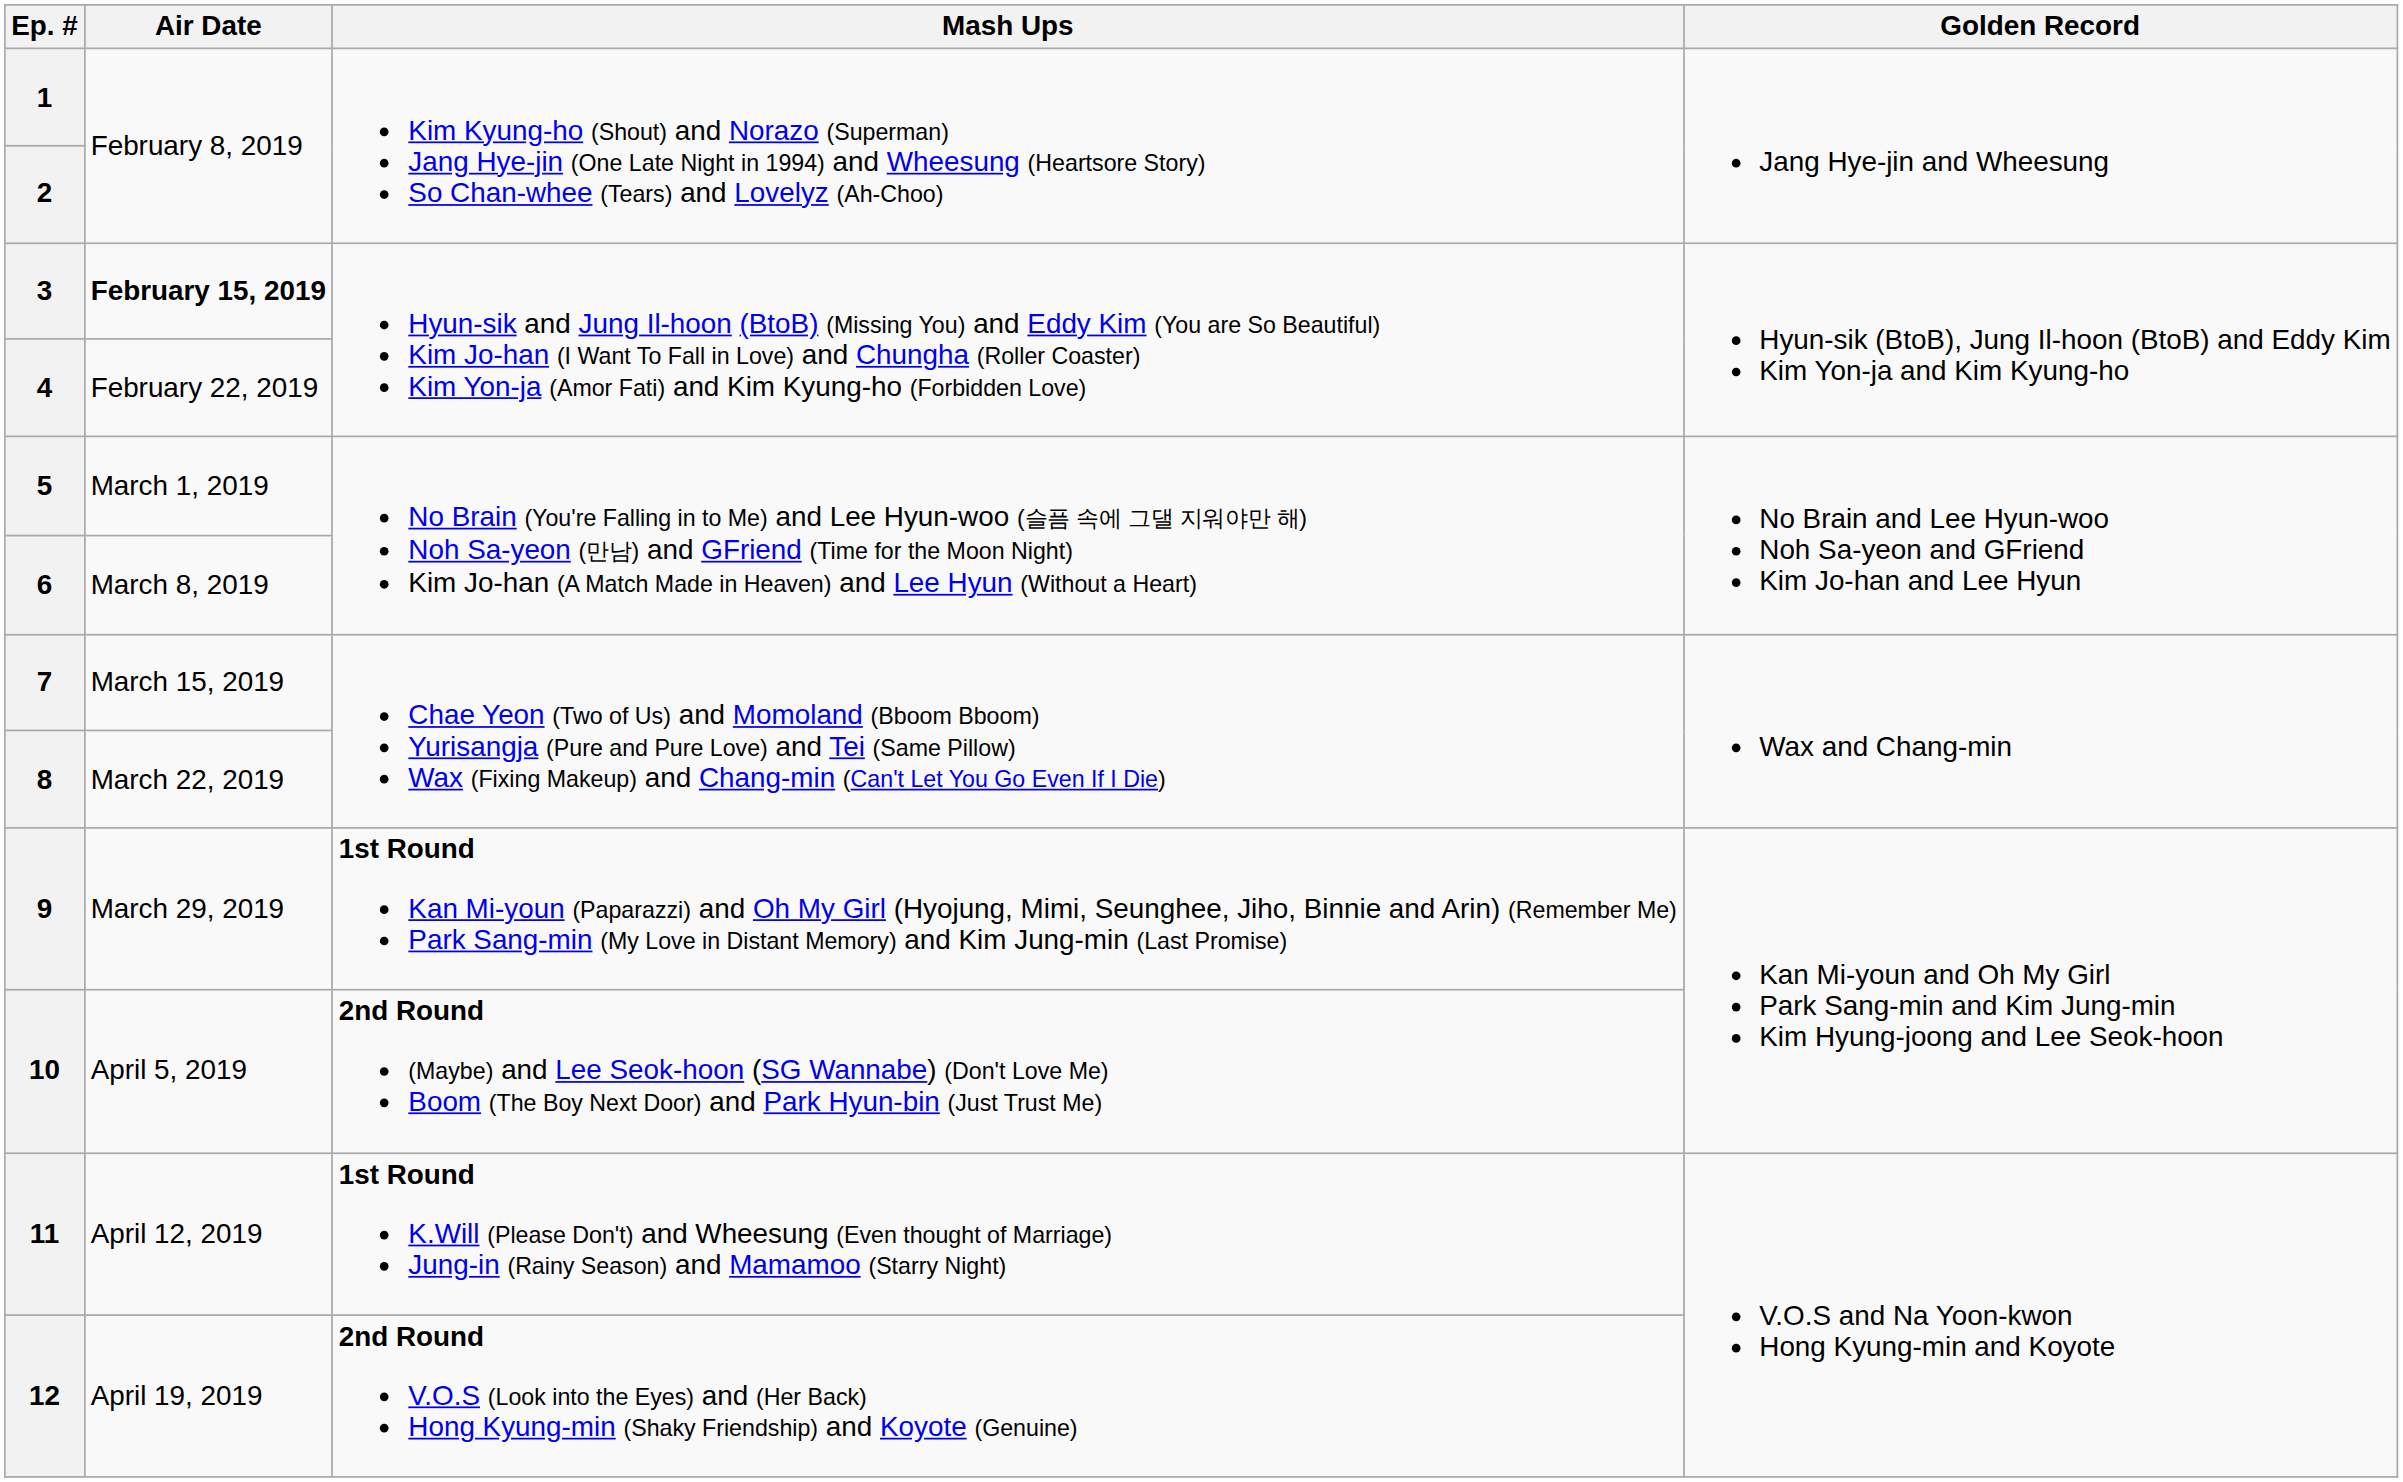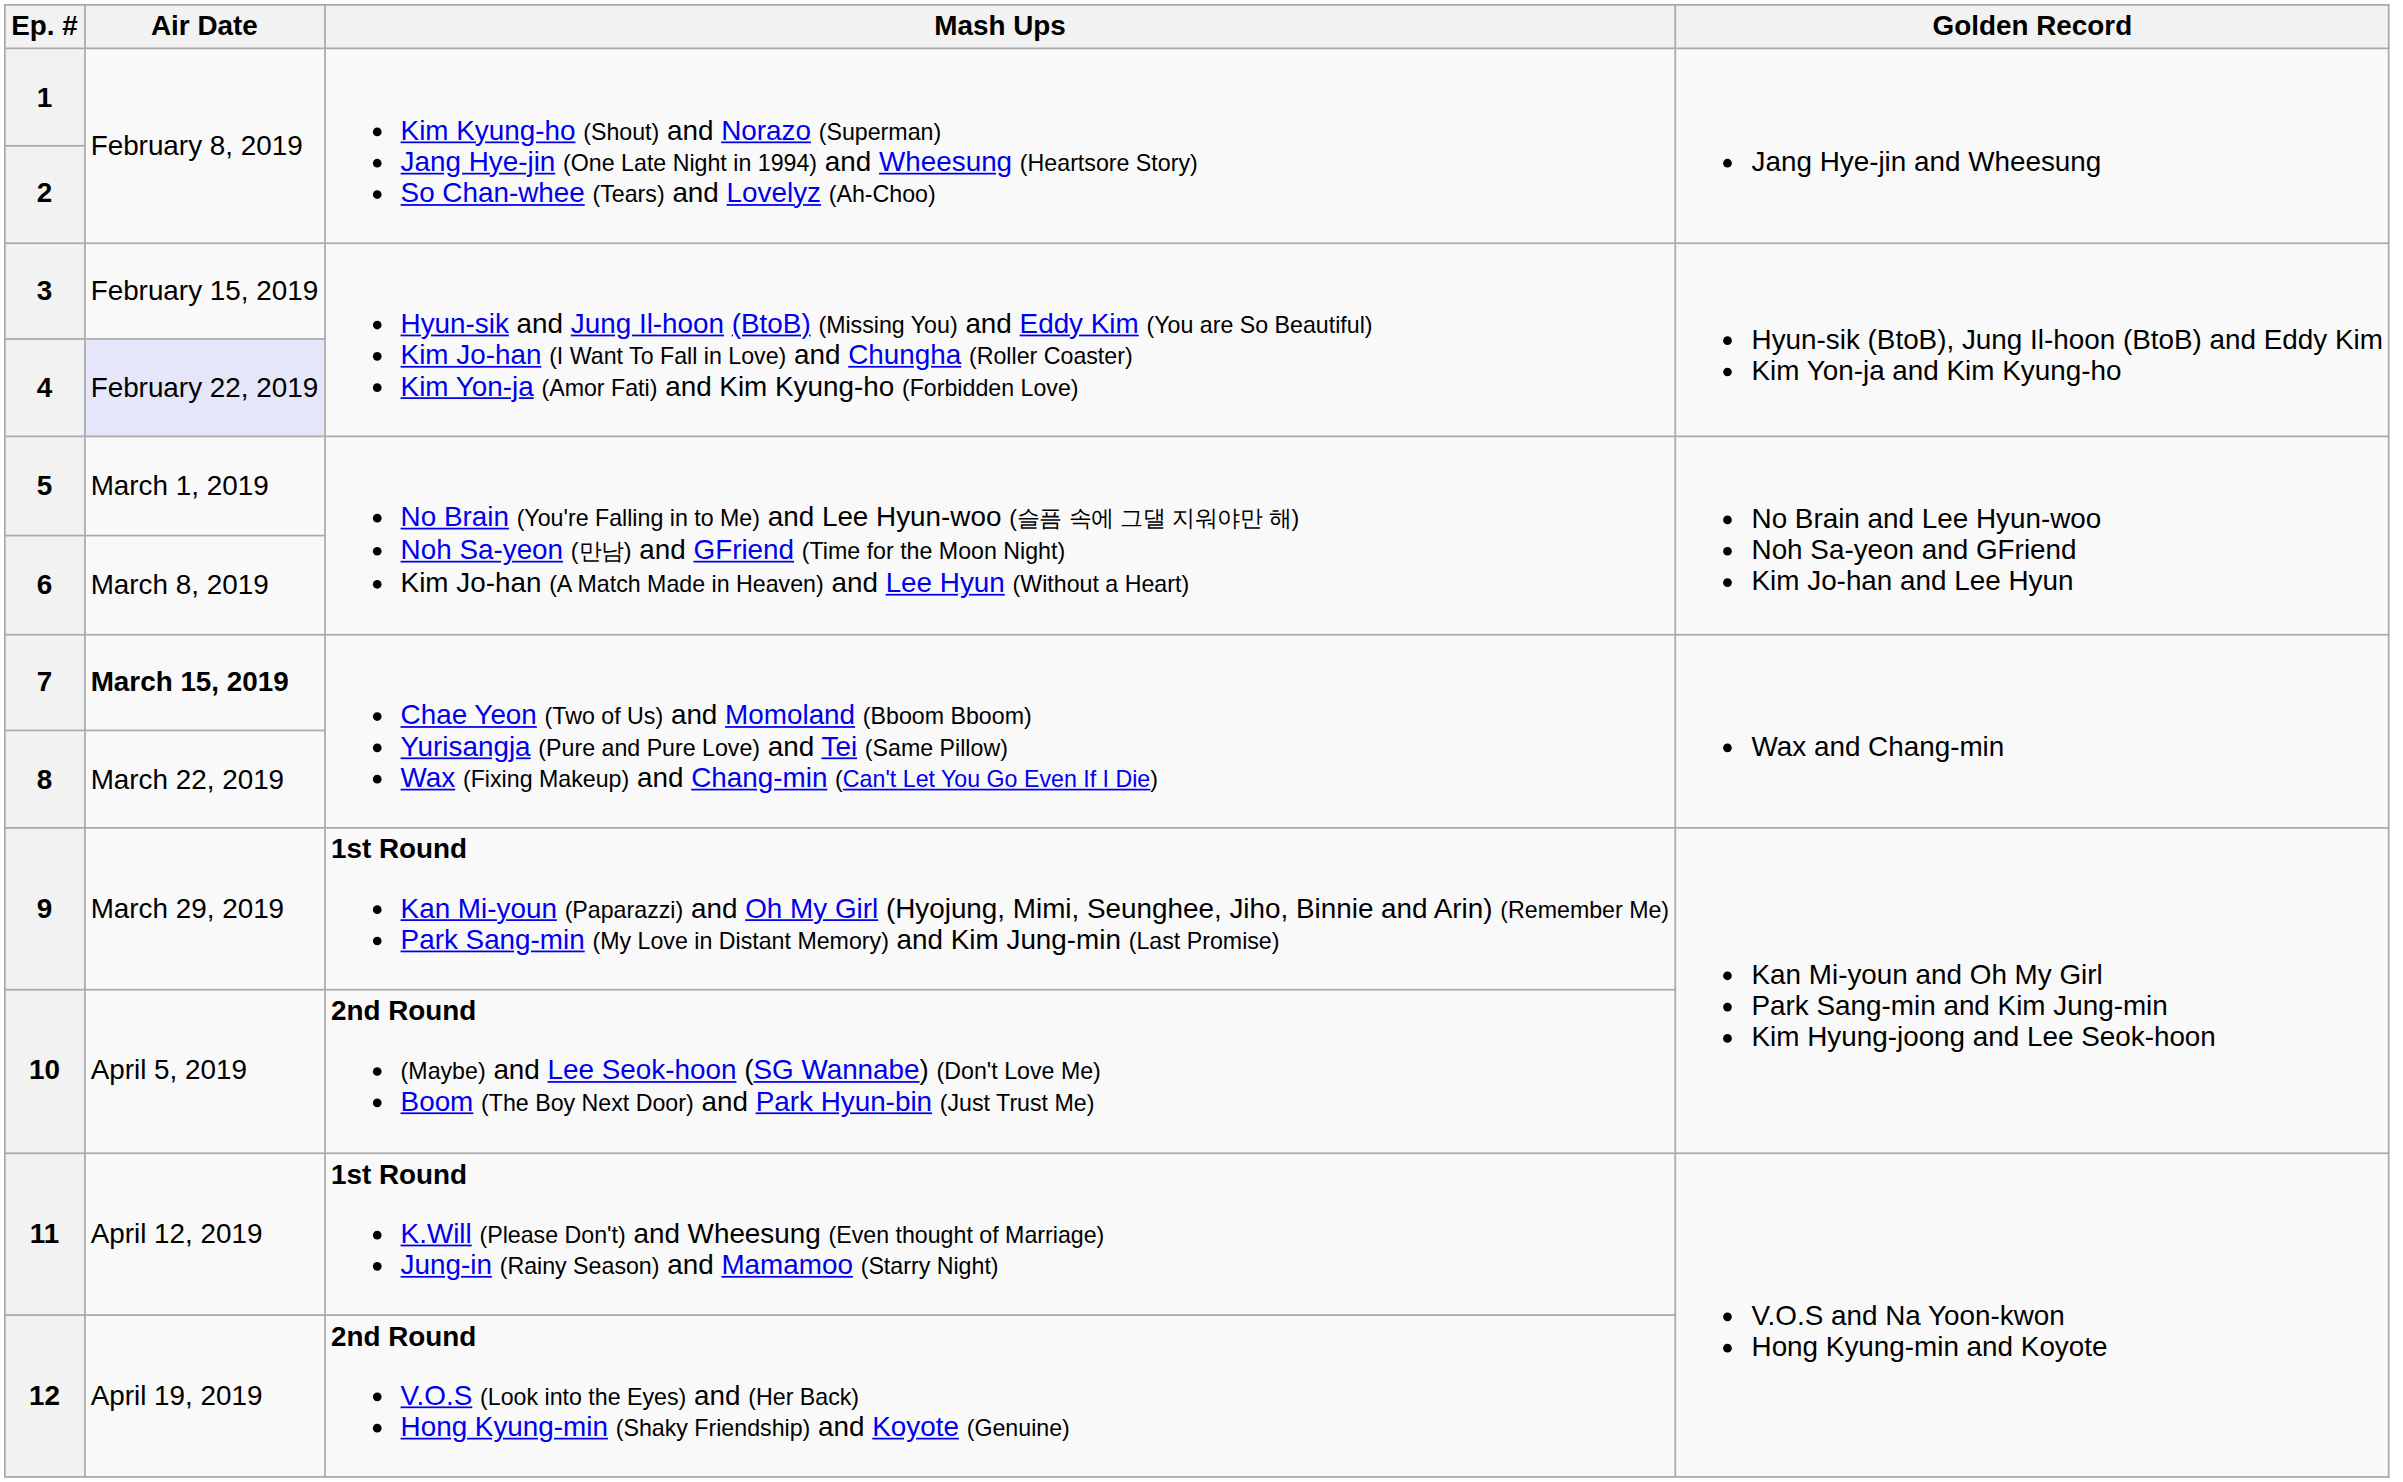 <table class="wikitable">
 <tr>
 <th rowspan="1">Ep. #</th>
 <th>Air Date</th>
 <th>Mash Ups</th>
 <th>Golden Record</th>
 </tr>
 <tr>
 <th>1</th>
 <td rowspan="2">February 8, 2019</td>
 <td rowspan="2"><br><ul><li><a href='#'>Kim Kyung-ho</a> <small>(Shout)</small> and <a href='#'>Norazo</a> <small>(Superman)</small></li><li><a href='#'>Jang Hye-jin</a> <small>(One Late Night in 1994)</small> and <a href='#'>Wheesung</a> <small>(Heartsore Story)</small></li><li><a href='#'>So Chan-whee</a> <small>(Tears)</small> and <a href='#'>Lovelyz</a> <small>(Ah-Choo)</small></li></ul></td>
 <td rowspan="2"><br><ul><li>Jang Hye-jin and Wheesung</li></ul></td>
 </tr>
 <tr>
 <th>2</th>
 </tr>
 <tr>
 <th>3</th>
-<td><strong>February 15, 2019</strong></td>
+<td>February 15, 2019</td>
 <td rowspan="2"><br><ul><li><a href='#'>Hyun-sik</a> and <a href='#'>Jung Il-hoon</a> <a href='#'>(BtoB)</a> <small>(Missing You)</small> and <a href='#'>Eddy Kim</a> <small>(You are So Beautiful)</small></li><li><a href='#'>Kim Jo-han</a> <small>(I Want To Fall in Love)</small> and <a href='#'>Chungha</a> <small>(Roller Coaster)</small></li><li><a href='#'>Kim Yon-ja</a> <small>(Amor Fati)</small> and Kim Kyung-ho <small>(Forbidden Love)</small></li></ul></td>
 <td rowspan="2"><br><ul><li>Hyun-sik (BtoB), Jung Il-hoon (BtoB) and Eddy Kim</li><li>Kim Yon-ja and Kim Kyung-ho</li></ul></td>
 </tr>
 <tr>
 <th>4</th>
-<td>February 22, 2019</td>
+<td style="background: lavender;">February 22, 2019</td>
 </tr>
 <tr>
 <th>5</th>
 <td>March 1, 2019</td>
 <td rowspan="2"><br><ul><li><a href='#'>No Brain</a> <small>(You're Falling in to Me)</small> and Lee Hyun-woo <small>(슬픔 속에 그댈 지워야만 해)</small></li><li><a href='#'>Noh Sa-yeon</a> <small>(만남)</small> and <a href='#'>GFriend</a> <small>(Time for the Moon Night)</small></li><li>Kim Jo-han <small>(A Match Made in Heaven)</small> and <a href='#'>Lee Hyun</a> <small>(Without a Heart)</small></li></ul></td>
 <td rowspan="2"><br><ul><li>No Brain and Lee Hyun-woo</li><li>Noh Sa-yeon and GFriend</li><li>Kim Jo-han and Lee Hyun</li></ul></td>
 </tr>
 <tr>
 <th>6</th>
 <td>March 8, 2019</td>
 </tr>
 <tr>
 <th>7</th>
-<td>March 15, 2019</td>
+<td><strong>March 15, 2019</strong></td>
 <td rowspan="2"><br><ul><li><a href='#'>Chae Yeon</a> <small>(Two of Us)</small> and <a href='#'>Momoland</a> <small>(Bboom Bboom)</small></li><li><a href='#'>Yurisangja</a> <small>(Pure and Pure Love)</small> and <a href='#'>Tei</a> <small>(Same Pillow)</small></li><li><a href='#'>Wax</a> <small>(Fixing Makeup)</small> and <a href='#'>Chang-min</a> <small>(<a href='#'>Can't Let You Go Even If I Die</a>)</small></li></ul></td>
 <td rowspan="2"><br><ul><li>Wax and Chang-min</li></ul></td>
 </tr>
 <tr>
 <th>8</th>
 <td>March 22, 2019</td>
 </tr>
 <tr>
 <th>9</th>
 <td>March 29, 2019</td>
 <td><strong>1st Round</strong><br><ul><li><a href='#'>Kan Mi-youn</a> <small>(Paparazzi)</small> and <a href='#'>Oh My Girl</a> (Hyojung, Mimi, Seunghee, Jiho, Binnie and Arin) <small>(Remember Me)</small></li><li><a href='#'>Park Sang-min</a> <small>(My Love in Distant Memory)</small> and Kim Jung-min <small>(Last Promise)</small></li></ul></td>
 <td rowspan="2"><br><ul><li>Kan Mi-youn and Oh My Girl</li><li>Park Sang-min and Kim Jung-min</li><li>Kim Hyung-joong and Lee Seok-hoon</li></ul></td>
 </tr>
 <tr>
 <th>10</th>
 <td>April 5, 2019</td>
 <td><strong>2nd Round</strong><br><ul><li> <small>(Maybe)</small> and <a href='#'>Lee Seok-hoon</a> (<a href='#'>SG Wannabe</a>) <small>(Don't Love Me)</small></li><li><a href='#'>Boom</a> <small>(The Boy Next Door)</small> and <a href='#'>Park Hyun-bin</a> <small>(Just Trust Me)</small></li></ul></td>
 </tr>
 <tr>
 <th>11</th>
 <td>April 12, 2019</td>
 <td><strong>1st Round</strong><br><ul><li><a href='#'>K.Will</a> <small>(Please Don't)</small> and Wheesung <small>(Even thought of Marriage)</small></li><li><a href='#'>Jung-in</a> <small>(Rainy Season)</small> and <a href='#'>Mamamoo</a> <small>(Starry Night)</small></li></ul></td>
 <td rowspan="2"><br><ul><li>V.O.S and Na Yoon-kwon</li><li>Hong Kyung-min and Koyote</li></ul></td>
 </tr>
 <tr>
 <th>12</th>
 <td>April 19, 2019</td>
 <td><strong>2nd Round</strong><br><ul><li><a href='#'>V.O.S</a> <small>(Look into the Eyes)</small> and  <small>(Her Back)</small></li><li><a href='#'>Hong Kyung-min</a> <small>(Shaky Friendship)</small> and <a href='#'>Koyote</a> <small>(Genuine)</small></li></ul></td>
 </tr>
 </table>
